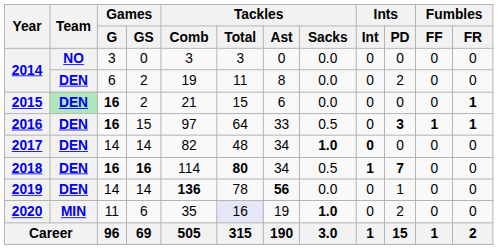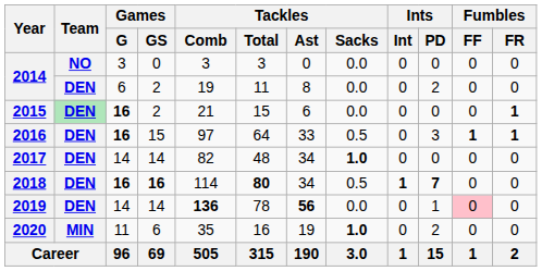 <table class="wikitable"  style="text-align:center; width:45%;">
 <tr>
 <th rowspan="2">Year</th>
 <th rowspan="2">Team</th>
 <th colspan="2">Games</th>
 <th colspan="4">Tackles</th>
 <th colspan="2">Ints</th>
 <th colspan="2">Fumbles</th>
 </tr>
 <tr>
 <th>G</th>
 <th>GS</th>
 <th>Comb</th>
 <th>Total</th>
 <th>Ast</th>
 <th>Sacks</th>
 <th>Int</th>
 <th>PD</th>
 <th>FF</th>
 <th>FR</th>
 </tr>
 <tr>
 <th rowspan="2"><a href='#'>2014</a></th>
 <th><a href='#'>NO</a></th>
 <td>3</td>
 <td>0</td>
 <td>3</td>
 <td>3</td>
 <td>0</td>
 <td>0.0</td>
 <td>0</td>
 <td>0</td>
 <td>0</td>
 <td>0</td>
 </tr>
 <tr>
 <th><a href='#'>DEN</a></th>
 <td>6</td>
 <td>2</td>
 <td>19</td>
 <td>11</td>
 <td>8</td>
 <td>0.0</td>
 <td>0</td>
 <td>2</td>
 <td>0</td>
 <td>0</td>
 </tr>
 <tr>
 <th><a href='#'>2015</a></th>
 <th style="background:#afe6ba; width:3em;"><a href='#'>DEN</a></th>
 <td><strong>16</strong></td>
 <td>2</td>
 <td>21</td>
 <td>15</td>
 <td>6</td>
 <td>0.0</td>
 <td>0</td>
 <td>0</td>
 <td>0</td>
 <td><strong>1</strong></td>
 </tr>
 <tr>
 <th><a href='#'>2016</a></th>
 <th><a href='#'>DEN</a></th>
 <td><strong>16</strong></td>
 <td>15</td>
 <td>97</td>
 <td>64</td>
 <td>33</td>
 <td>0.5</td>
 <td>0</td>
-<td><strong>3</strong></td>
+<td>3</td>
 <td><strong>1</strong></td>
 <td><strong>1</strong></td>
 </tr>
 <tr>
 <th><a href='#'>2017</a></th>
 <th><a href='#'>DEN</a></th>
 <td>14</td>
 <td>14</td>
 <td>82</td>
 <td>48</td>
 <td>34</td>
 <td><strong>1.0</strong></td>
-<td><strong>0</strong></td>
+<td>0</td>
 <td>0</td>
 <td>0</td>
 <td>0</td>
 </tr>
 <tr>
 <th><a href='#'>2018</a></th>
 <th><a href='#'>DEN</a></th>
 <td><strong>16</strong></td>
 <td><strong>16</strong></td>
 <td>114</td>
 <td><strong>80</strong></td>
 <td>34</td>
 <td>0.5</td>
 <td><strong>1</strong></td>
 <td><strong>7</strong></td>
 <td>0</td>
 <td>0</td>
 </tr>
 <tr>
 <th><a href='#'>2019</a></th>
 <th><a href='#'>DEN</a></th>
 <td>14</td>
 <td>14</td>
 <td><strong>136</strong></td>
 <td>78</td>
 <td><strong>56</strong></td>
 <td>0.0</td>
 <td>0</td>
 <td>1</td>
-<td>0</td>
+<td style="background: pink;">0</td>
 <td>0</td>
 </tr>
 <tr>
 <th><a href='#'>2020</a></th>
 <th><a href='#'>MIN</a></th>
 <td>11</td>
 <td>6</td>
 <td>35</td>
-<td style="background: lavender;">16</td>
+<td>16</td>
 <td>19</td>
 <td><strong>1.0</strong></td>
 <td>0</td>
 <td>2</td>
 <td>0</td>
 <td>0</td>
 </tr>
 <tr>
 <th colspan="2">Career</th>
 <th>96</th>
 <th>69</th>
 <th>505</th>
 <th>315</th>
 <th>190</th>
 <th>3.0</th>
 <th>1</th>
 <th>15</th>
 <th>1</th>
 <th>2</th>
 </tr>
 </table>
